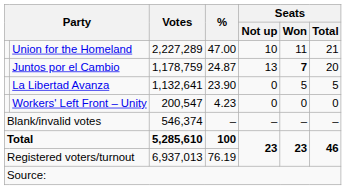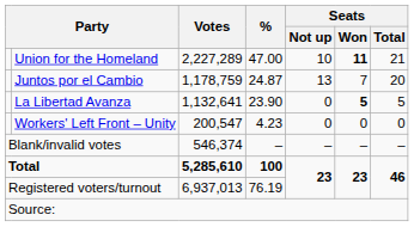 <table class="wikitable" style="text-align:right">
 <tr>
 <th colspan="2" rowspan="2">Party</th>
 <th rowspan="2">Votes</th>
 <th rowspan="2">%</th>
 <th colspan="3">Seats</th>
 </tr>
 <tr>
 <th>Not up</th>
 <th>Won</th>
 <th>Total</th>
 </tr>
 <tr>
 <td bgcolor=></td>
 <td align="left"><a href='#'>Union for the Homeland</a></td>
 <td>2,227,289</td>
 <td>47.00</td>
 <td>10</td>
-<td>11</td>
+<td><strong>11</strong></td>
 <td>21</td>
 </tr>
 <tr>
 <td bgcolor=></td>
 <td align="left"><a href='#'>Juntos por el Cambio</a></td>
 <td>1,178,759</td>
 <td>24.87</td>
 <td>13</td>
-<td><strong>7</strong></td>
+<td>7</td>
 <td>20</td>
 </tr>
 <tr>
 <td bgcolor=></td>
 <td align="left"><a href='#'>La Libertad Avanza</a></td>
 <td>1,132,641</td>
 <td>23.90</td>
 <td>0</td>
-<td>5</td>
+<td><strong>5</strong></td>
 <td>5</td>
 </tr>
 <tr>
 <td></td>
 <td align="left"><a href='#'>Workers' Left Front – Unity</a></td>
 <td>200,547</td>
 <td>4.23</td>
 <td>0</td>
 <td>0</td>
 <td>0</td>
 </tr>
 <tr>
 <td colspan="2" align="left">Blank/invalid votes</td>
 <td>546,374</td>
 <td>–</td>
 <td>–</td>
 <td>–</td>
 <td>–</td>
 </tr>
 <tr>
 <td colspan="2" align="left"><strong>Total</strong></td>
 <td><strong>5,285,610</strong></td>
 <td><strong>100</strong></td>
 <td rowspan="2"><strong>23</strong></td>
 <td rowspan="2"><strong>23</strong></td>
 <td rowspan="2"><strong>46</strong></td>
 </tr>
 <tr>
 <td colspan="2" align="left">Registered voters/turnout</td>
 <td>6,937,013</td>
 <td>76.19</td>
 </tr>
 <tr>
 <td colspan="7" align="left">Source: </td>
 </tr>
 </table>
